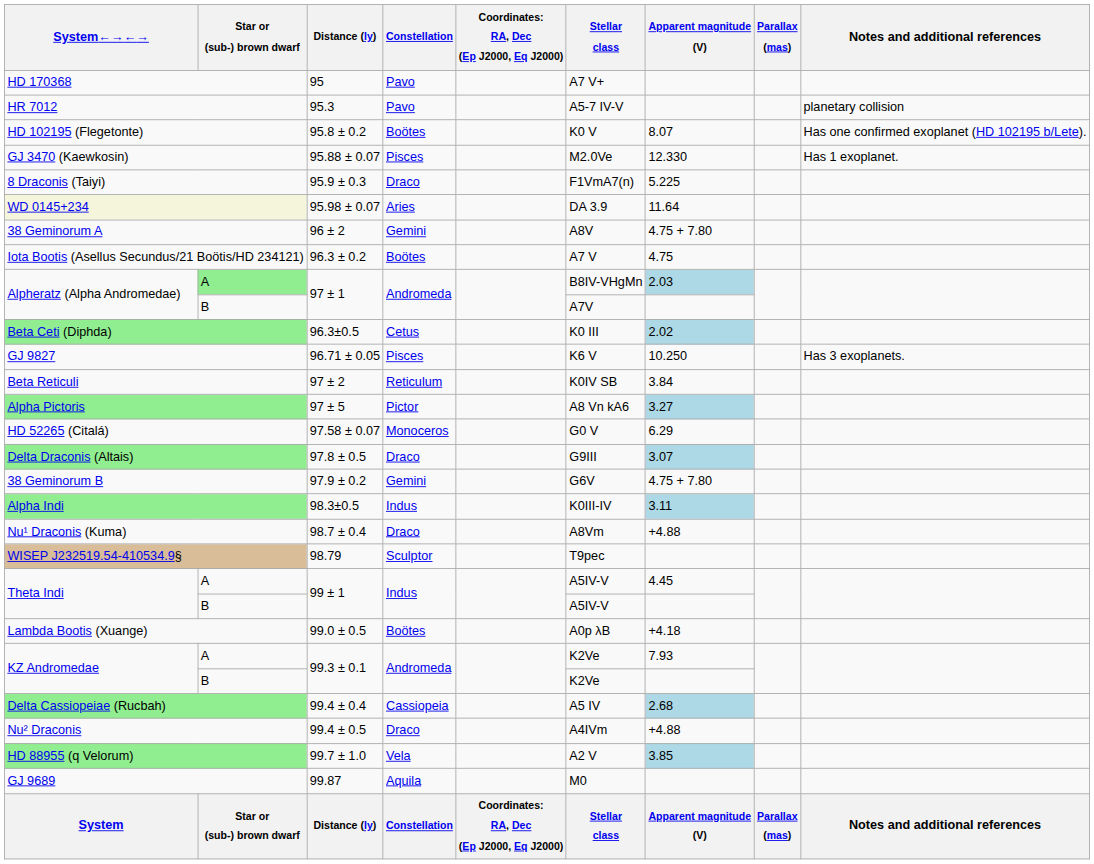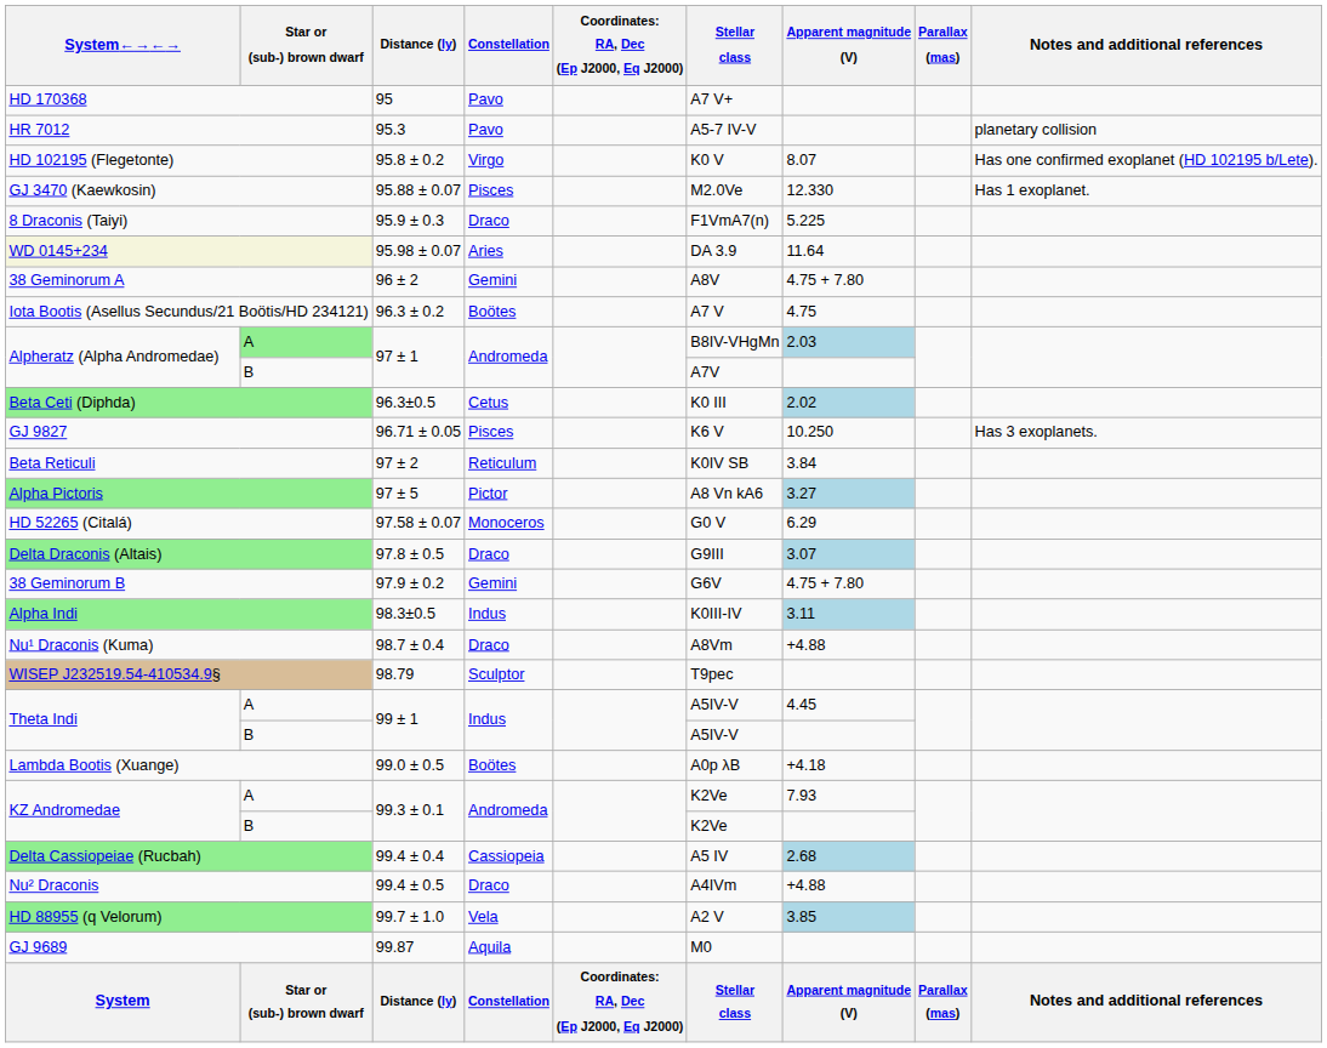 <table class="wikitable sortable" style="font-size:90%; line-height:1.5em; position:relative">
 <tr>
 <th scope="col"><a href='#'>System</a><span><a href='#'>←</a></span><span><a href='#'>→</a></span><span><a href='#'>←</a></span><span><a href='#'>→</a></span></th>
 <th><small>Star or<br>(sub-) brown dwarf</small></th>
 <th scope="col"><small>Distance (<a href='#'>ly</a>)</small></th>
 <th><small><a href='#'>Constellation</a></small></th>
 <th><small>Coordinates:<br><a href='#'>RA</a>, <a href='#'>Dec</a><br>(<a href='#'>Ep</a> J2000, <a href='#'>Eq</a> J2000)</small></th>
 <th scope="col"><small><a href='#'>Stellar<br>class</a></small></th>
 <th scope="col"><small><a href='#'>Apparent magnitude</a><br>(V)</small></th>
 <th scope="col"><small><a href='#'>Parallax</a><br>(<a href='#'>mas</a>)</small></th>
 <th scope="col">Notes and additional references</th>
 </tr>
 <tr>
 <td colspan = '2'><a href='#'>HD 170368</a></td>
 <td>95</td>
 <td><a href='#'>Pavo</a></td>
 <td></td>
 <td style="background: ">A7 V+</td>
 <td></td>
 <td></td>
 <td></td>
 </tr>
 <tr>
 <td colspan = '2'><a href='#'>HR 7012</a></td>
 <td>95.3</td>
 <td><a href='#'>Pavo</a></td>
 <td></td>
 <td style="background: ">A5-7 IV-V</td>
 <td></td>
 <td></td>
 <td>planetary collision</td>
 </tr>
 <tr>
 <td colspan = '2'><a href='#'>HD 102195</a> (Flegetonte)</td>
 <td>95.8 ± 0.2</td>
-<td><a href='#'>Boötes</a></td>
+<td><a href='#'>Virgo</a></td>
 <td></td>
 <td style="background: ">K0 V</td>
 <td>8.07</td>
 <td></td>
 <td>Has one confirmed exoplanet (<a href='#'>HD 102195 b/Lete</a>).</td>
 </tr>
 <tr>
 <td colspan = '2'><a href='#'>GJ 3470</a> (Kaewkosin)</td>
 <td>95.88 ± 0.07</td>
 <td><a href='#'>Pisces</a></td>
 <td></td>
 <td style="background: ">M2.0Ve</td>
 <td>12.330</td>
 <td></td>
 <td>Has 1 exoplanet.</td>
 </tr>
 <tr>
 <td colspan = '2'><a href='#'>8 Draconis</a> (Taiyi)</td>
 <td>95.9 ± 0.3</td>
 <td><a href='#'>Draco</a></td>
 <td></td>
 <td style="background: ">F1VmA7(n)</td>
 <td>5.225</td>
 <td></td>
 <td></td>
 </tr>
 <tr>
 <td colspan = '2' style="background-color:#F5F5DC"><a href='#'>WD 0145+234</a></td>
 <td>95.98 ± 0.07</td>
 <td><a href='#'>Aries</a></td>
 <td></td>
 <td style="background: ">DA 3.9</td>
 <td>11.64</td>
 <td></td>
 <td></td>
 </tr>
 <tr>
 <td colspan = '2'><a href='#'>38 Geminorum A</a></td>
 <td>96 ± 2</td>
 <td><a href='#'>Gemini</a></td>
 <td></td>
 <td style="background: ">A8V</td>
 <td>4.75 + 7.80</td>
 <td></td>
 <td></td>
 </tr>
 <tr>
 <td colspan = '2'><a href='#'>Iota Bootis</a> (Asellus Secundus/21 Boötis/HD 234121)</td>
 <td>96.3 ± 0.2</td>
 <td><a href='#'>Boötes</a></td>
 <td></td>
 <td style="background: ">A7 V</td>
 <td>4.75</td>
 <td></td>
 <td></td>
 </tr>
 <tr>
 <td rowspan='2'><a href='#'>Alpheratz</a> (Alpha Andromedae)</td>
 <td style="background-color: lightgreen">A</td>
 <td rowspan='2'>97 ± 1</td>
 <td rowspan='2'><a href='#'>Andromeda</a></td>
 <td rowspan='2'></td>
 <td style="background: ">B8IV-VHgMn</td>
 <td style="background-color: lightblue">2.03</td>
 <td rowspan='2'></td>
 <td rowspan='2'></td>
 </tr>
 <tr>
 <td>B</td>
 <td style="background: ">A7V</td>
 <td></td>
 </tr>
 <tr>
 <td colspan = '2' style="background-color: lightgreen"><a href='#'>Beta Ceti</a> (Diphda)</td>
 <td>96.3±0.5</td>
 <td><a href='#'>Cetus</a></td>
 <td></td>
 <td style="background: ">K0 III</td>
 <td style="background-color: lightblue">2.02</td>
 <td></td>
 <td></td>
 </tr>
 <tr>
 <td colspan = '2'><a href='#'>GJ 9827</a></td>
 <td>96.71 ± 0.05</td>
 <td><a href='#'>Pisces</a></td>
 <td></td>
 <td style="background: ">K6 V</td>
 <td>10.250</td>
 <td></td>
 <td>Has 3 exoplanets.</td>
 </tr>
 <tr>
 <td colspan = '2'><a href='#'>Beta Reticuli</a></td>
 <td>97 ± 2</td>
 <td><a href='#'>Reticulum</a></td>
 <td></td>
 <td style="background: ">K0IV SB</td>
 <td>3.84</td>
 <td></td>
 <td></td>
 </tr>
 <tr>
 <td colspan = '2' style="background-color: lightgreen"><a href='#'>Alpha Pictoris</a></td>
 <td>97 ± 5</td>
 <td><a href='#'>Pictor</a></td>
 <td></td>
 <td style="background: ">A8 Vn kA6</td>
 <td style="background-color: lightblue">3.27</td>
 <td></td>
 <td></td>
 </tr>
 <tr>
 <td colspan = '2'><a href='#'>HD 52265</a> (Citalá)</td>
 <td>97.58 ± 0.07</td>
 <td><a href='#'>Monoceros</a></td>
 <td></td>
 <td style="background: ">G0 V</td>
 <td>6.29</td>
 <td></td>
 <td></td>
 </tr>
 <tr>
 <td colspan = '2' style="background-color: lightgreen"><a href='#'>Delta Draconis</a> (Altais)</td>
 <td>97.8 ± 0.5</td>
 <td><a href='#'>Draco</a></td>
 <td></td>
 <td style="background: ">G9III</td>
 <td style="background-color: lightblue">3.07</td>
 <td></td>
 <td></td>
 </tr>
 <tr>
 <td colspan = '2'><a href='#'>38 Geminorum B</a></td>
 <td>97.9 ± 0.2</td>
 <td><a href='#'>Gemini</a></td>
 <td></td>
 <td style="background: ">G6V</td>
 <td>4.75 + 7.80</td>
 <td></td>
 <td></td>
 </tr>
 <tr>
 <td colspan = '2' style="background-color: lightgreen"><a href='#'>Alpha Indi</a></td>
 <td>98.3±0.5</td>
 <td><a href='#'>Indus</a></td>
 <td></td>
 <td style="background: ">K0III-IV</td>
 <td style="background-color: lightblue">3.11</td>
 <td></td>
 <td></td>
 </tr>
 <tr>
 <td colspan = '2'><a href='#'>Nu¹ Draconis</a> (Kuma)</td>
 <td>98.7 ± 0.4</td>
 <td><a href='#'>Draco</a></td>
 <td></td>
 <td style="background: ">A8Vm</td>
 <td>+4.88</td>
 <td></td>
 <td></td>
 </tr>
 <tr>
 <td colspan = '2' style="background-color:#D8BD98"><a href='#'>WISEP J232519.54-410534.9</a>§</td>
 <td>98.79</td>
 <td><a href='#'>Sculptor</a></td>
 <td></td>
 <td style="background: ">T9pec</td>
 <td></td>
 <td></td>
 <td></td>
 </tr>
 <tr>
 <td rowspan='2'><a href='#'>Theta Indi</a></td>
 <td>A</td>
 <td rowspan='2'>99 ± 1</td>
 <td rowspan='2'><a href='#'>Indus</a></td>
 <td rowspan='2'></td>
 <td style="background: ">A5IV-V</td>
 <td>4.45</td>
 <td rowspan='2'></td>
 <td rowspan='2'></td>
 </tr>
 <tr>
 <td>B</td>
 <td style="background: ">A5IV-V</td>
 <td></td>
 </tr>
 <tr>
 <td colspan = '2'><a href='#'>Lambda Bootis</a> (Xuange)</td>
 <td>99.0 ± 0.5</td>
 <td><a href='#'>Boötes</a></td>
 <td></td>
 <td style="background: ">A0p λB</td>
 <td>+4.18</td>
 <td></td>
 <td></td>
 </tr>
 <tr>
 <td rowspan='2'><a href='#'>KZ Andromedae</a></td>
 <td>A</td>
 <td rowspan='2'>99.3 ± 0.1</td>
 <td rowspan='2'><a href='#'>Andromeda</a></td>
 <td rowspan='2'></td>
 <td style="background: ">K2Ve</td>
 <td>7.93</td>
 <td rowspan='2'></td>
 <td rowspan='2'></td>
 </tr>
 <tr>
 <td>B</td>
 <td style="background: ">K2Ve</td>
 <td></td>
 </tr>
 <tr>
 <td colspan = '2' style="background-color: lightgreen"><a href='#'>Delta Cassiopeiae</a> (Rucbah)</td>
 <td>99.4 ± 0.4</td>
 <td><a href='#'>Cassiopeia</a></td>
 <td></td>
 <td style="background: ">A5 IV</td>
 <td style="background-color: lightblue">2.68</td>
 <td></td>
 <td></td>
 </tr>
 <tr>
 <td colspan = '2'><a href='#'>Nu² Draconis</a></td>
 <td>99.4 ± 0.5</td>
 <td><a href='#'>Draco</a></td>
 <td></td>
 <td style="background: ">A4IVm</td>
 <td>+4.88</td>
 <td></td>
 <td></td>
 </tr>
 <tr>
 <td colspan = '2' style="background-color: lightgreen"><a href='#'>HD 88955</a> (q Velorum)</td>
 <td>99.7 ± 1.0</td>
 <td><a href='#'>Vela</a></td>
 <td></td>
 <td style="background: ">A2 V</td>
 <td style="background-color: lightblue">3.85</td>
 <td></td>
 <td></td>
 </tr>
 <tr>
 <td colspan = '2'><a href='#'>GJ 9689</a></td>
 <td>99.87</td>
 <td><a href='#'>Aquila</a></td>
 <td></td>
 <td style="background: ">M0</td>
 <td></td>
 <td></td>
 <td></td>
 </tr>
 <tr>
 <th scope="col"><a href='#'>System</a></th>
 <th><small>Star or<br>(sub-) brown dwarf</small></th>
 <th scope="col"><small>Distance (<a href='#'>ly</a>)</small></th>
 <th><small><a href='#'>Constellation</a></small></th>
 <th><small>Coordinates:<br><a href='#'>RA</a>, <a href='#'>Dec</a><br>(<a href='#'>Ep</a> J2000, <a href='#'>Eq</a> J2000)</small></th>
 <th scope="col"><small><a href='#'>Stellar<br>class</a></small></th>
 <th scope="col"><small><a href='#'>Apparent magnitude</a><br>(V)</small></th>
 <th scope="col"><small><a href='#'>Parallax</a><br>(<a href='#'>mas</a>)</small></th>
 <th scope="col">Notes and additional references</th>
 </tr>
 </table>
